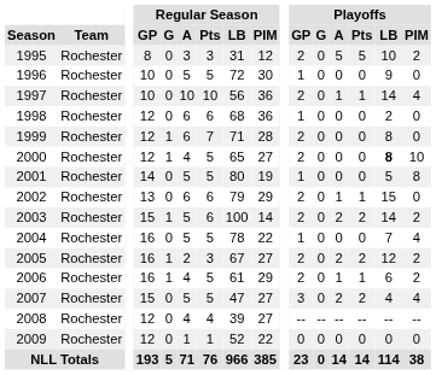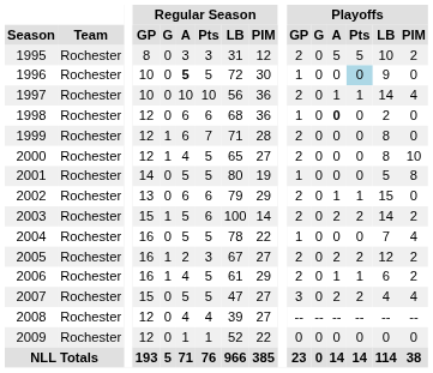 <table BORDER="0" CELLPADDING="3" CELLSPACING="0">
 <tr ALIGN="center" bgcolor="#e0e0e0">
 <th colspan="2" bgcolor="#ffffff"> </th>
 <th rowspan="99" bgcolor="#ffffff"> </th>
 <th colspan="6">Regular Season</th>
 <th rowspan="99" bgcolor="#ffffff"> </th>
 <th colspan="6">Playoffs</th>
 </tr>
 <tr ALIGN="center" bgcolor="#e0e0e0">
 <th>Season</th>
 <th>Team</th>
 <th>GP</th>
 <th>G</th>
 <th>A</th>
 <th>Pts</th>
 <th>LB</th>
 <th>PIM</th>
 <th>GP</th>
 <th>G</th>
 <th>A</th>
 <th>Pts</th>
 <th>LB</th>
 <th>PIM</th>
 </tr>
 <tr ALIGN="center" bgcolor="#f0f0f0">
 <td>1995</td>
 <td>Rochester</td>
 <td>8</td>
 <td>0</td>
 <td>3</td>
 <td>3</td>
 <td>31</td>
 <td>12</td>
 <td>2</td>
 <td>0</td>
 <td>5</td>
 <td>5</td>
 <td>10</td>
 <td>2</td>
 </tr>
 <tr ALIGN="center">
 <td>1996</td>
 <td>Rochester</td>
 <td>10</td>
 <td>0</td>
-<td>5</td>
+<td><strong>5</strong></td>
 <td>5</td>
 <td>72</td>
 <td>30</td>
 <td>1</td>
 <td>0</td>
 <td>0</td>
-<td>0</td>
+<td style="background: lightblue;">0</td>
 <td>9</td>
 <td>0</td>
 </tr>
 <tr ALIGN="center" bgcolor="#f0f0f0">
 <td>1997</td>
 <td>Rochester</td>
 <td>10</td>
 <td>0</td>
 <td>10</td>
 <td>10</td>
 <td>56</td>
 <td>36</td>
 <td>2</td>
 <td>0</td>
 <td>1</td>
 <td>1</td>
 <td>14</td>
 <td>4</td>
 </tr>
 <tr ALIGN="center">
 <td>1998</td>
 <td>Rochester</td>
 <td>12</td>
 <td>0</td>
 <td>6</td>
 <td>6</td>
 <td>68</td>
 <td>36</td>
 <td>1</td>
 <td>0</td>
-<td>0</td>
+<td><strong>0</strong></td>
 <td>0</td>
 <td>2</td>
 <td>0</td>
 </tr>
 <tr ALIGN="center" bgcolor="#f0f0f0">
 <td>1999</td>
 <td>Rochester</td>
 <td>12</td>
 <td>1</td>
 <td>6</td>
 <td>7</td>
 <td>71</td>
 <td>28</td>
 <td>2</td>
 <td>0</td>
 <td>0</td>
 <td>0</td>
 <td>8</td>
 <td>0</td>
 </tr>
 <tr ALIGN="center">
 <td>2000</td>
 <td>Rochester</td>
 <td>12</td>
 <td>1</td>
 <td>4</td>
 <td>5</td>
 <td>65</td>
 <td>27</td>
 <td>2</td>
 <td>0</td>
 <td>0</td>
 <td>0</td>
-<td><strong>8</strong></td>
+<td>8</td>
 <td>10</td>
 </tr>
 <tr ALIGN="center" bgcolor="#f0f0f0">
 <td>2001</td>
 <td>Rochester</td>
 <td>14</td>
 <td>0</td>
 <td>5</td>
 <td>5</td>
 <td>80</td>
 <td>19</td>
 <td>1</td>
 <td>0</td>
 <td>0</td>
 <td>0</td>
 <td>5</td>
 <td>8</td>
 </tr>
 <tr ALIGN="center">
 <td>2002</td>
 <td>Rochester</td>
 <td>13</td>
 <td>0</td>
 <td>6</td>
 <td>6</td>
 <td>79</td>
 <td>29</td>
 <td>2</td>
 <td>0</td>
 <td>1</td>
 <td>1</td>
 <td>15</td>
 <td>0</td>
 </tr>
 <tr ALIGN="center" bgcolor="#f0f0f0">
 <td>2003</td>
 <td>Rochester</td>
 <td>15</td>
 <td>1</td>
 <td>5</td>
 <td>6</td>
 <td>100</td>
 <td>14</td>
 <td>2</td>
 <td>0</td>
 <td>2</td>
 <td>2</td>
 <td>14</td>
 <td>2</td>
 </tr>
 <tr ALIGN="center">
 <td>2004</td>
 <td>Rochester</td>
 <td>16</td>
 <td>0</td>
 <td>5</td>
 <td>5</td>
 <td>78</td>
 <td>22</td>
 <td>1</td>
 <td>0</td>
 <td>0</td>
 <td>0</td>
 <td>7</td>
 <td>4</td>
 </tr>
 <tr ALIGN="center" bgcolor="#f0f0f0">
 <td>2005</td>
 <td>Rochester</td>
 <td>16</td>
 <td>1</td>
 <td>2</td>
 <td>3</td>
 <td>67</td>
 <td>27</td>
 <td>2</td>
 <td>0</td>
 <td>2</td>
 <td>2</td>
 <td>12</td>
 <td>2</td>
 </tr>
 <tr ALIGN="center">
 <td>2006</td>
 <td>Rochester</td>
 <td>16</td>
 <td>1</td>
 <td>4</td>
 <td>5</td>
 <td>61</td>
 <td>29</td>
 <td>2</td>
 <td>0</td>
 <td>1</td>
 <td>1</td>
 <td>6</td>
 <td>2</td>
 </tr>
 <tr ALIGN="center" bgcolor="#f0f0f0">
 <td>2007</td>
 <td>Rochester</td>
 <td>15</td>
 <td>0</td>
 <td>5</td>
 <td>5</td>
 <td>47</td>
 <td>27</td>
 <td>3</td>
 <td>0</td>
 <td>2</td>
 <td>2</td>
 <td>4</td>
 <td>4</td>
 </tr>
 <tr ALIGN="center">
 <td>2008</td>
 <td>Rochester</td>
 <td>12</td>
 <td>0</td>
 <td>4</td>
 <td>4</td>
 <td>39</td>
 <td>27</td>
 <td>--</td>
 <td>--</td>
 <td>--</td>
 <td>--</td>
 <td>--</td>
 <td>--</td>
 </tr>
 <tr ALIGN="center" bgcolor="#f0f0f0">
 <td>2009</td>
 <td>Rochester</td>
 <td>12</td>
 <td>0</td>
 <td>1</td>
 <td>1</td>
 <td>52</td>
 <td>22</td>
 <td>0</td>
 <td>0</td>
 <td>0</td>
 <td>0</td>
 <td>0</td>
 <td>0</td>
 </tr>
 <tr ALIGN="center" bgcolor="#e0e0e0">
 <th colspan="2">NLL Totals</th>
 <th>193</th>
 <th>5</th>
 <th>71</th>
 <th>76</th>
 <th>966</th>
 <th>385</th>
 <th>23</th>
 <th>0</th>
 <th>14</th>
 <th>14</th>
 <th>114</th>
 <th>38</th>
 </tr>
 </table>
